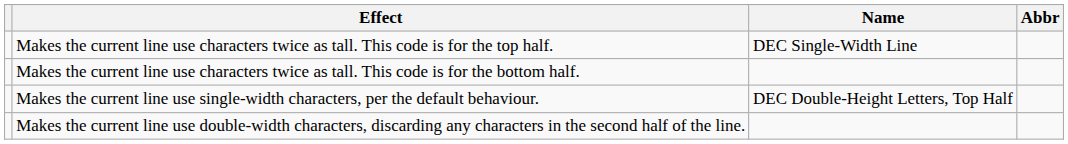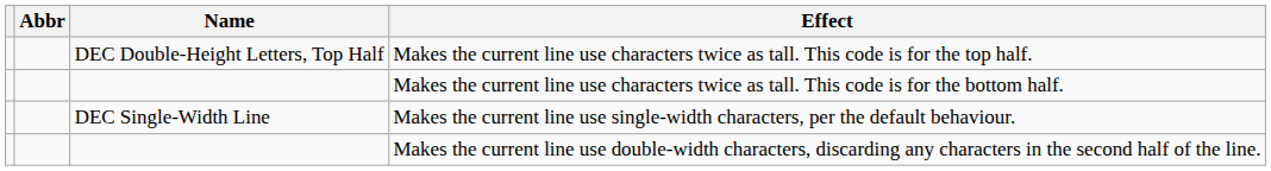 <table class="wikitable">
 <tr>
 <th></th>
+<th>Abbr</th>
+<th>Name</th>
 <th>Effect</th>
-<th>Name</th>
-<th>Abbr</th>
 </tr>
 <tr id=DECDHL>
 <td></td>
+<td></td>
+<td>DEC Double-Height Letters, Top Half</td>
 <td>Makes the current line use characters twice as tall. This code is for the top half.</td>
-<td>DEC Single-Width Line</td>
-<td></td>
 </tr>
 <tr id=DECDHL>
 <td></td>
-<td>Makes the current line use characters twice as tall. This code is for the bottom half.</td>
 <td></td>
 <td></td>
+<td>Makes the current line use characters twice as tall. This code is for the bottom half.</td>
 </tr>
 <tr id=DECSWL>
 <td></td>
+<td></td>
+<td>DEC Single-Width Line</td>
 <td>Makes the current line use single-width characters, per the default behaviour.</td>
-<td>DEC Double-Height Letters, Top Half</td>
-<td></td>
 </tr>
 <tr id=DECRC>
 <td></td>
-<td>Makes the current line use double-width characters, discarding any characters in the second half of the line.</td>
 <td></td>
 <td></td>
+<td>Makes the current line use double-width characters, discarding any characters in the second half of the line.</td>
 </tr>
 </table>
